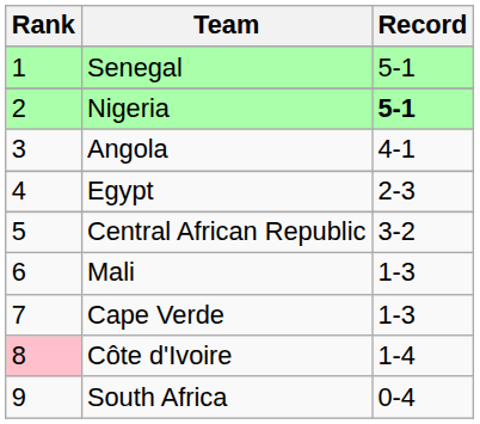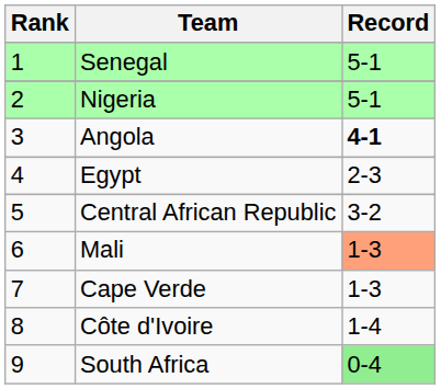 <table class="wikitable">
 <tr>
 <th>Rank</th>
 <th>Team</th>
 <th>Record</th>
 </tr>
 <tr>
 </tr>
 <tr bgcolor=#aaffaa>
 <td>1</td>
 <td> Senegal</td>
 <td>5-1</td>
 </tr>
 <tr>
 </tr>
 <tr bgcolor=#aaffaa>
 <td>2</td>
 <td> Nigeria</td>
-<td><strong>5-1</strong></td>
+<td>5-1</td>
 </tr>
 <tr>
 <td>3</td>
 <td> Angola</td>
-<td>4-1</td>
+<td><strong>4-1</strong></td>
 </tr>
 <tr>
 </tr>
 <tr bgcolor=>
 <td>4</td>
 <td> Egypt</td>
 <td>2-3</td>
 </tr>
 <tr>
 </tr>
 <tr bgcolor=>
 <td>5</td>
 <td> Central African Republic</td>
 <td>3-2</td>
 </tr>
 <tr>
 <td>6</td>
 <td> Mali</td>
-<td>1-3</td>
+<td style="background: lightsalmon;">1-3</td>
 </tr>
 <tr>
 <td>7</td>
 <td> Cape Verde</td>
 <td>1-3</td>
 </tr>
 <tr>
-<td style="background: pink;">8</td>
+<td>8</td>
 <td> Côte d'Ivoire</td>
 <td>1-4</td>
 </tr>
 <tr>
 <td>9</td>
 <td> South Africa</td>
-<td>0-4</td>
+<td style="background: lightgreen;">0-4</td>
 </tr>
 </table>
